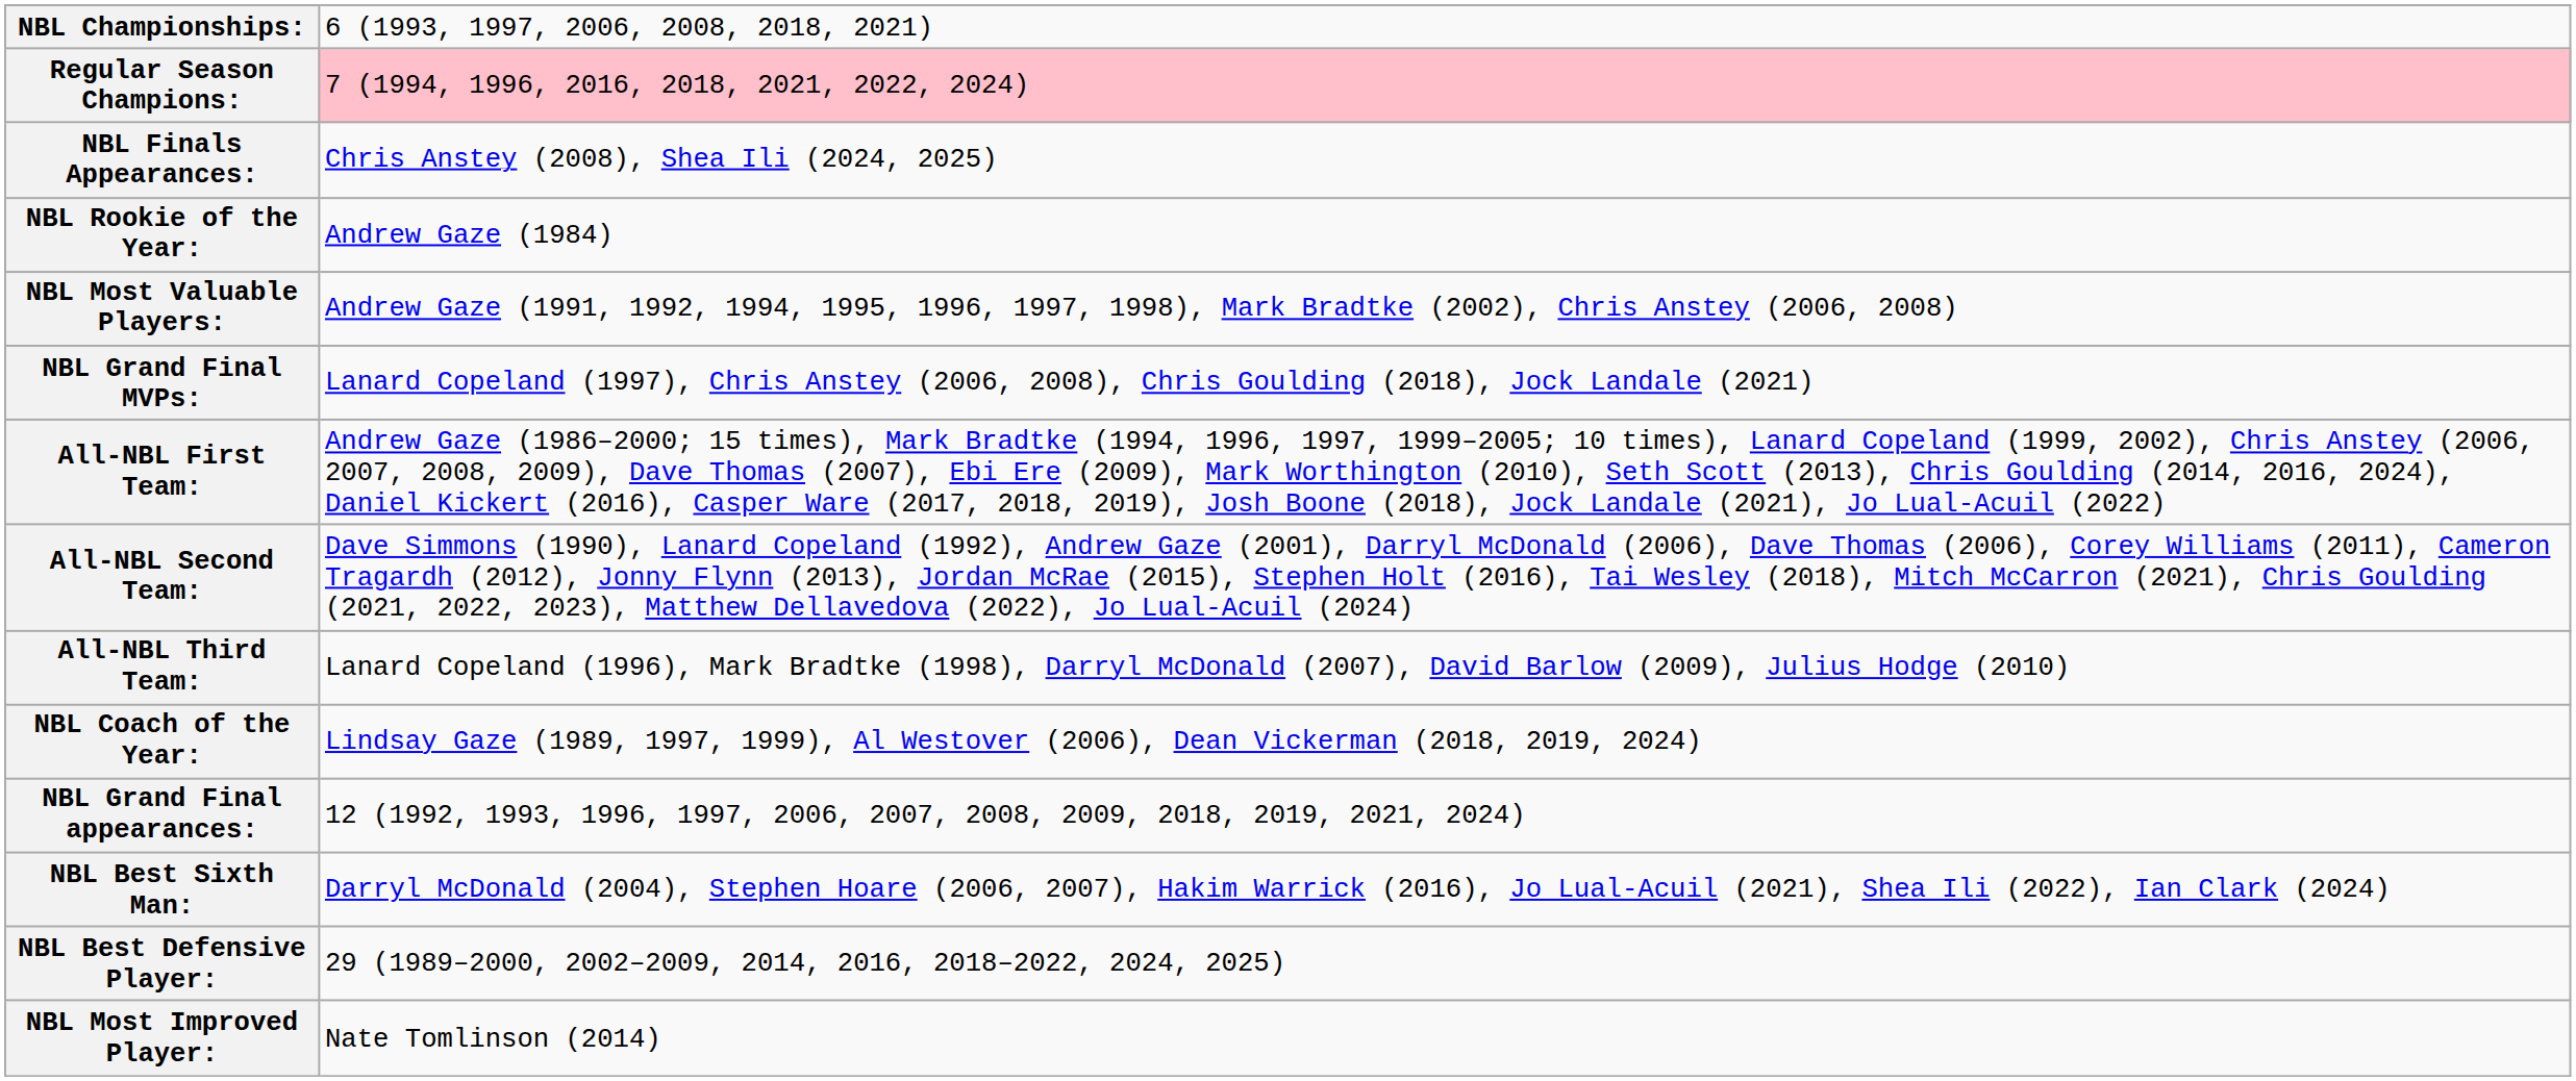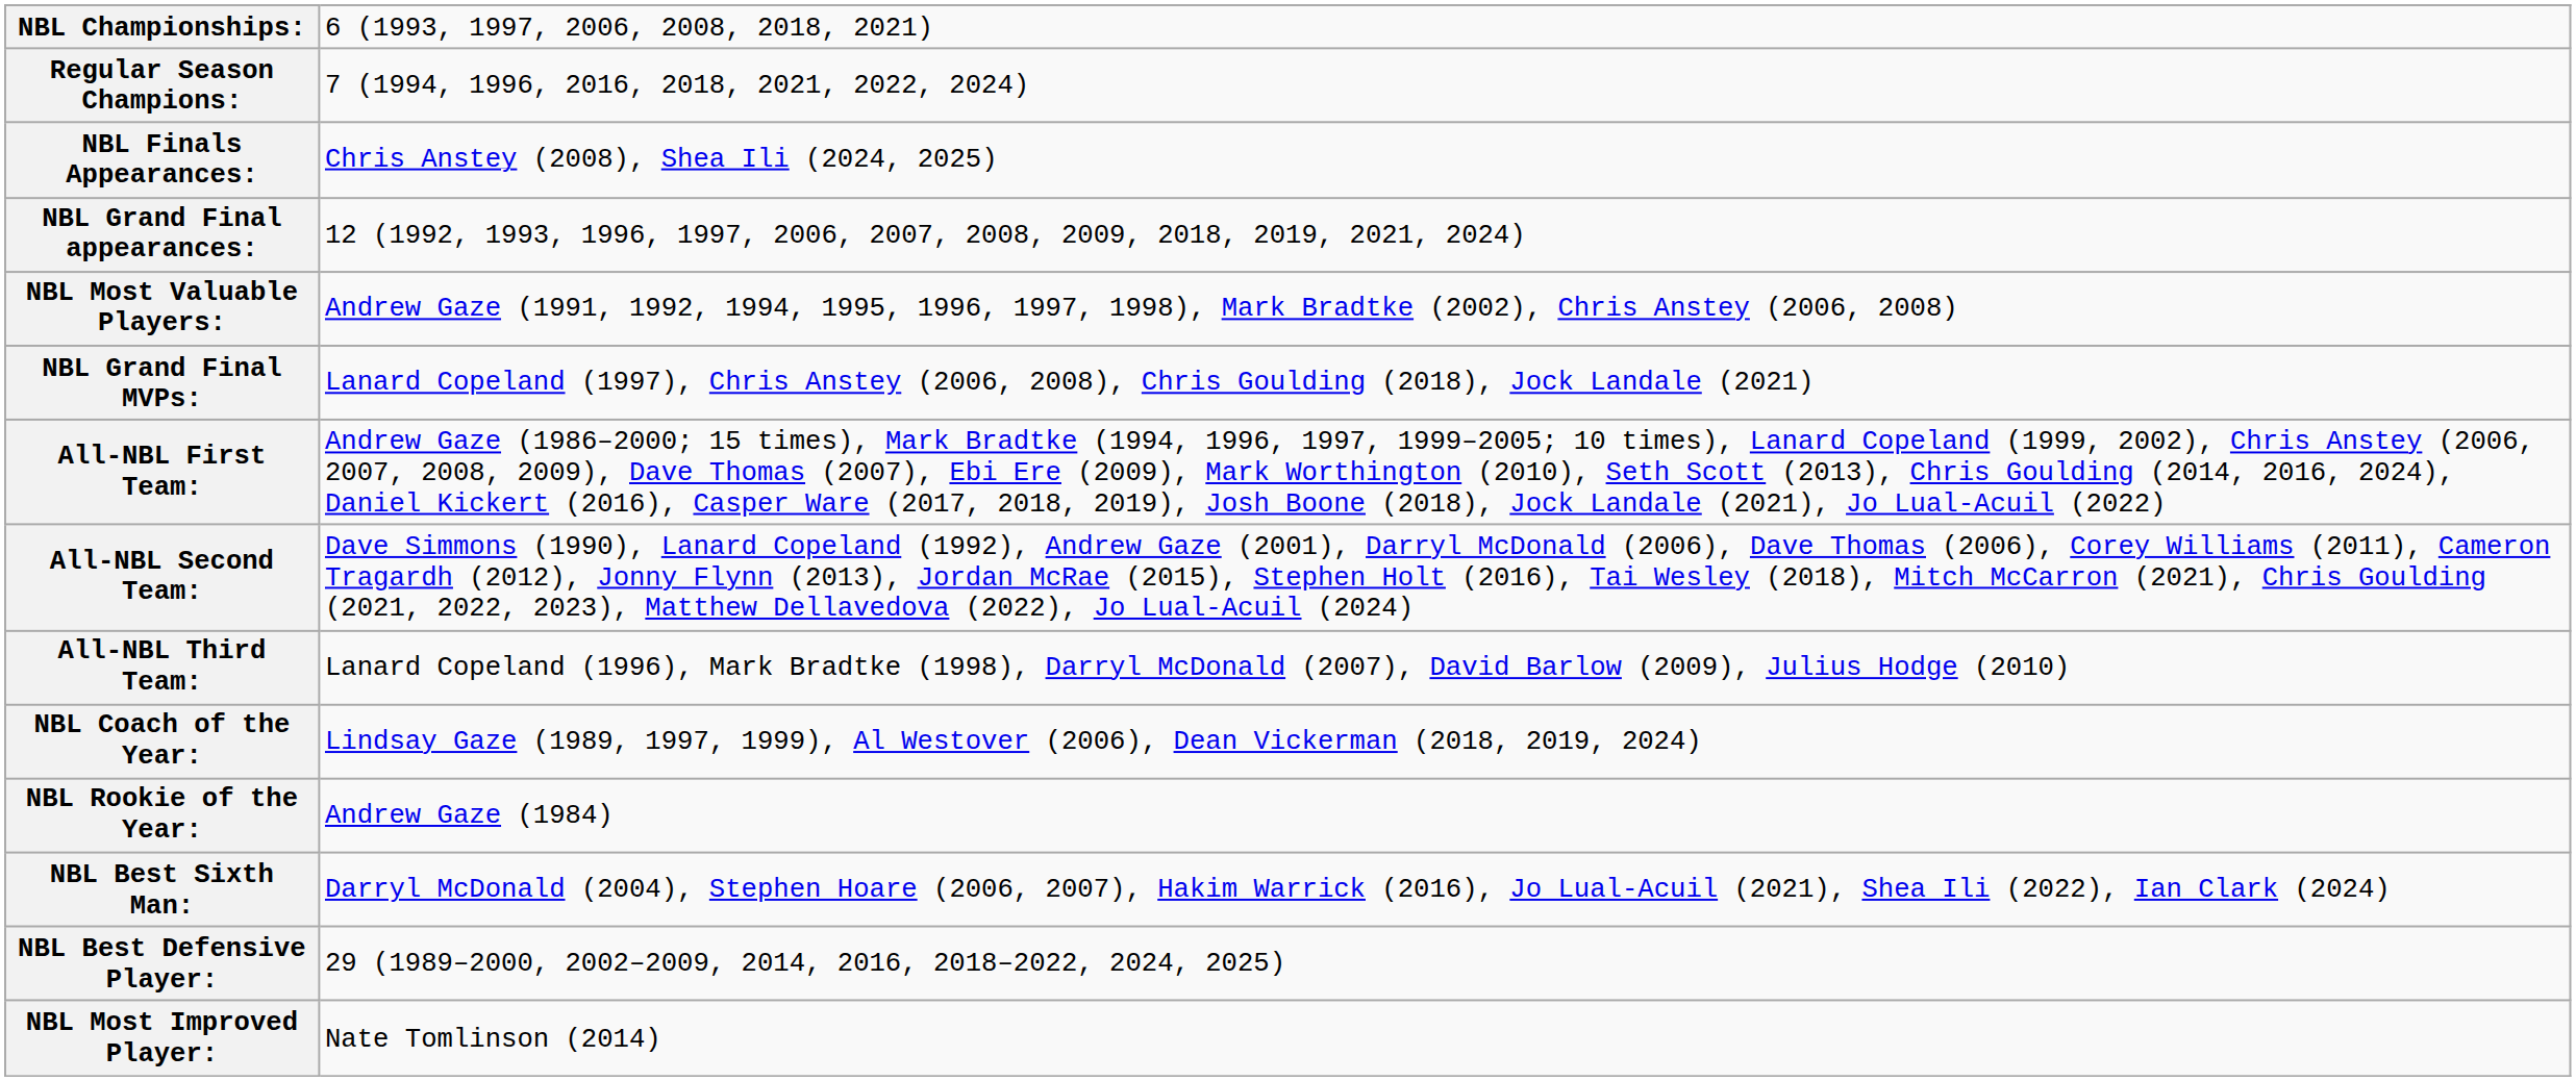 <table class="wikitable">
 <tr align=left>
 <th>NBL Championships:</th>
 <td>6 (1993, 1997, 2006, 2008, 2018, 2021)</td>
 </tr>
 <tr>
 <th>Regular Season Champions:</th>
-<td style="background: pink;">7 (1994, 1996, 2016, 2018, 2021, 2022, 2024)</td>
+<td>7 (1994, 1996, 2016, 2018, 2021, 2022, 2024)</td>
 </tr>
 <tr>
 <th>NBL Finals Appearances:</th>
 <td><a href='#'>Chris Anstey</a> (2008), <a href='#'>Shea Ili</a> (2024, 2025)</td>
 </tr>
 <tr>
-<th>NBL Rookie of the Year:</th>
-<td><a href='#'>Andrew Gaze</a> (1984)</td>
+<th>NBL Grand Final appearances:</th>
+<td>12 (1992, 1993, 1996, 1997, 2006, 2007, 2008, 2009, 2018, 2019, 2021, 2024)</td>
 </tr>
 <tr>
 <th>NBL Most Valuable Players:</th>
 <td><a href='#'>Andrew Gaze</a> (1991, 1992, 1994, 1995, 1996, 1997, 1998), <a href='#'>Mark Bradtke</a> (2002), <a href='#'>Chris Anstey</a> (2006, 2008)</td>
 </tr>
 <tr>
 <th>NBL Grand Final MVPs:</th>
 <td><a href='#'>Lanard Copeland</a> (1997), <a href='#'>Chris Anstey</a> (2006, 2008), <a href='#'>Chris Goulding</a> (2018), <a href='#'>Jock Landale</a> (2021)</td>
 </tr>
 <tr>
 <th>All-NBL First Team:</th>
 <td><a href='#'>Andrew Gaze</a> (1986–2000; 15 times), <a href='#'>Mark Bradtke</a> (1994, 1996, 1997, 1999–2005; 10 times), <a href='#'>Lanard Copeland</a> (1999, 2002), <a href='#'>Chris Anstey</a> (2006, 2007, 2008, 2009), <a href='#'>Dave Thomas</a> (2007), <a href='#'>Ebi Ere</a> (2009), <a href='#'>Mark Worthington</a> (2010), <a href='#'>Seth Scott</a> (2013), <a href='#'>Chris Goulding</a> (2014, 2016, 2024), <a href='#'>Daniel Kickert</a> (2016), <a href='#'>Casper Ware</a> (2017, 2018, 2019), <a href='#'>Josh Boone</a> (2018), <a href='#'>Jock Landale</a> (2021), <a href='#'>Jo Lual-Acuil</a> (2022)</td>
 </tr>
 <tr>
 <th>All-NBL Second Team:</th>
 <td><a href='#'>Dave Simmons</a> (1990), <a href='#'>Lanard Copeland</a> (1992), <a href='#'>Andrew Gaze</a> (2001), <a href='#'>Darryl McDonald</a> (2006), <a href='#'>Dave Thomas</a> (2006), <a href='#'>Corey Williams</a> (2011), <a href='#'>Cameron Tragardh</a> (2012), <a href='#'>Jonny Flynn</a> (2013), <a href='#'>Jordan McRae</a> (2015), <a href='#'>Stephen Holt</a> (2016), <a href='#'>Tai Wesley</a> (2018), <a href='#'>Mitch McCarron</a> (2021), <a href='#'>Chris Goulding</a> (2021, 2022, 2023), <a href='#'>Matthew Dellavedova</a> (2022), <a href='#'>Jo Lual-Acuil</a> (2024)</td>
 </tr>
 <tr>
 <th>All-NBL Third Team:</th>
 <td>Lanard Copeland (1996), Mark Bradtke (1998), <a href='#'>Darryl McDonald</a> (2007), <a href='#'>David Barlow</a> (2009), <a href='#'>Julius Hodge</a> (2010)</td>
 </tr>
 <tr>
 <th>NBL Coach of the Year:</th>
 <td><a href='#'>Lindsay Gaze</a> (1989, 1997, 1999), <a href='#'>Al Westover</a> (2006), <a href='#'>Dean Vickerman</a> (2018, 2019, 2024)</td>
 </tr>
 <tr>
-<th>NBL Grand Final appearances:</th>
-<td>12 (1992, 1993, 1996, 1997, 2006, 2007, 2008, 2009, 2018, 2019, 2021, 2024)</td>
+<th>NBL Rookie of the Year:</th>
+<td><a href='#'>Andrew Gaze</a> (1984)</td>
 </tr>
 <tr>
 <th>NBL Best Sixth Man:</th>
 <td><a href='#'>Darryl McDonald</a> (2004), <a href='#'>Stephen Hoare</a> (2006, 2007), <a href='#'>Hakim Warrick</a> (2016), <a href='#'>Jo Lual-Acuil</a> (2021), <a href='#'>Shea Ili</a> (2022), <a href='#'>Ian Clark</a> (2024)</td>
 </tr>
 <tr>
 <th>NBL Best Defensive Player:</th>
 <td>29 (1989–2000, 2002–2009, 2014, 2016, 2018–2022, 2024, 2025)</td>
 </tr>
 <tr>
 <th>NBL Most Improved Player:</th>
 <td>Nate Tomlinson (2014)</td>
 </tr>
 </table>
